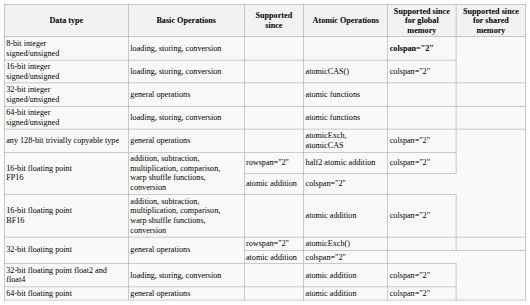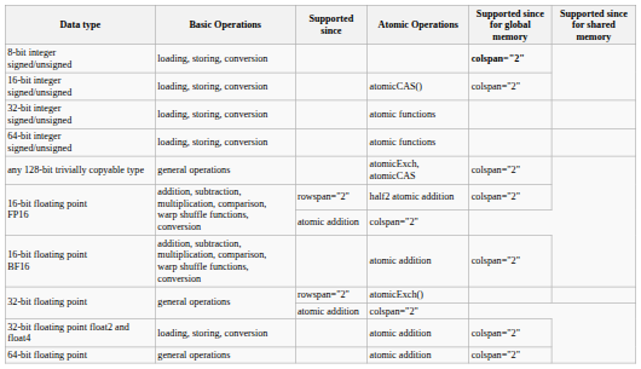 <table class="wikitable" style="font-size:85%;">
 <tr>
 <th>Data type</th>
 <th>Basic Operations</th>
 <th>Supported since<br></th>
 <th>Atomic Operations</th>
 <th>Supported since<br>for global memory</th>
 <th>Supported since<br>for shared memory</th>
 </tr>
 <tr>
 <td>8-bit integer<br>signed/unsigned</td>
 <td>loading, storing, conversion</td>
 <td></td>
 <td></td>
 <td><strong>colspan="2" </strong></td>
 </tr>
 <tr>
 <td>16-bit integer<br>signed/unsigned</td>
 <td>loading, storing, conversion</td>
 <td></td>
 <td>atomicCAS()</td>
 <td>colspan="2" </td>
 </tr>
 <tr>
 <td>32-bit integer<br>signed/unsigned</td>
-<td>general operations</td>
+<td>loading, storing, conversion</td>
 <td></td>
 <td>atomic functions</td>
 <td></td>
 <td></td>
 </tr>
 <tr>
 <td>64-bit integer<br>signed/unsigned</td>
 <td>loading, storing, conversion</td>
 <td></td>
 <td>atomic functions</td>
 <td></td>
 <td></td>
 </tr>
 <tr>
 <td>any 128-bit trivially copyable type</td>
 <td>general operations</td>
 <td></td>
 <td>atomicExch, atomicCAS</td>
 <td>colspan="2" </td>
 </tr>
 <tr>
 <td rowspan="2">16-bit floating point<br>FP16</td>
 <td rowspan="2">addition, subtraction,<br>multiplication, comparison,<br>warp shuffle functions, conversion</td>
 <td>rowspan="2" </td>
 <td>half2 atomic addition</td>
 <td>colspan="2" </td>
 </tr>
 <tr>
 <td>atomic addition</td>
 <td>colspan="2" </td>
 </tr>
 <tr>
 <td>16-bit floating point<br>BF16</td>
 <td>addition, subtraction,<br>multiplication, comparison,<br>warp shuffle functions, conversion</td>
 <td></td>
 <td>atomic addition</td>
 <td>colspan="2" </td>
 </tr>
 <tr>
 <td rowspan="2">32-bit floating point</td>
 <td rowspan="2">general operations</td>
 <td>rowspan="2" </td>
 <td>atomicExch()</td>
 <td></td>
 <td></td>
 </tr>
 <tr>
 <td>atomic addition</td>
 <td>colspan="2" </td>
 </tr>
 <tr>
 <td rowspan="1">32-bit floating point float2 and float4</td>
 <td>loading, storing, conversion</td>
 <td></td>
 <td>atomic addition</td>
 <td>colspan="2" </td>
 </tr>
 <tr>
 <td rowspan="1">64-bit floating point</td>
 <td>general operations</td>
 <td></td>
 <td>atomic addition</td>
 <td>colspan="2" </td>
 </tr>
 </table>
